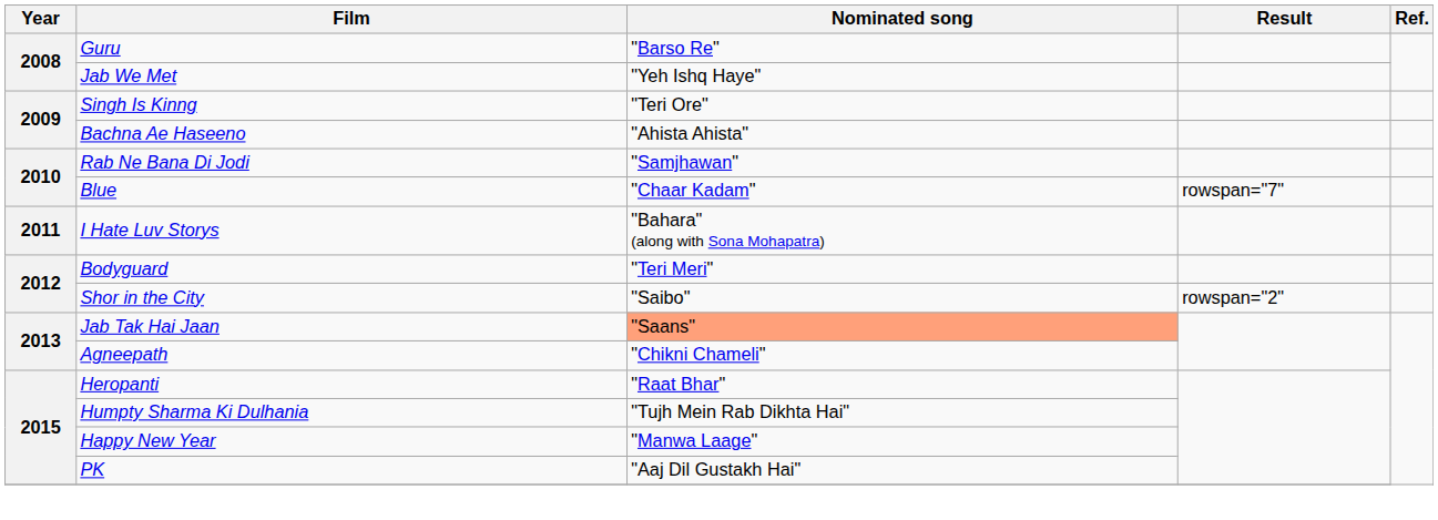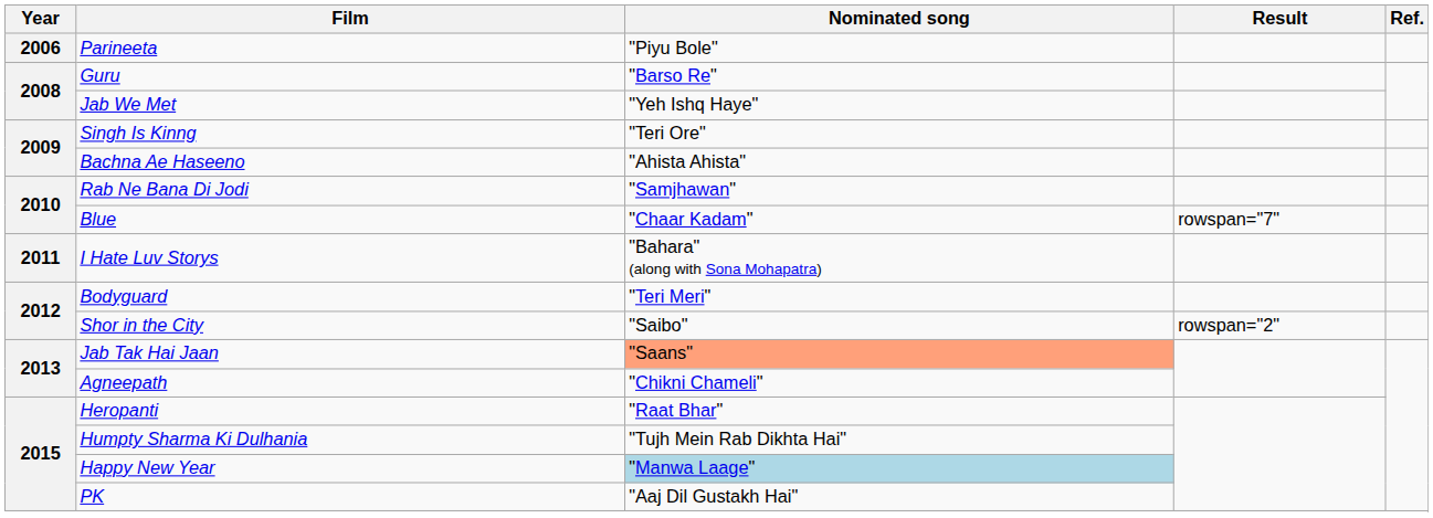 <table class="wikitable plainrowheaders" width="100%" textcolor:#000;">
 <tr>
 <th scope="col" width=5%><strong>Year</strong></th>
 <th scope="col" width=39%><strong>Film</strong></th>
 <th scope="col" width=39%><strong>Nominated song</strong></th>
 <th scope="col" width=15%><strong>Result</strong></th>
 <th scope="col" width=2%><strong>Ref.</strong></th>
+</tr>
+<tr>
+<th scope="row">2006</th>
+<td><em><a href='#'>Parineeta</a></em></td>
+<td>"Piyu Bole"</td>
+<td></td>
+<td></td>
 </tr>
 <tr>
 <th scope="row" rowspan="2">2008</th>
 <td><em><a href='#'>Guru</a></em></td>
 <td>"<a href='#'>Barso Re</a>"</td>
 <td></td>
 <td rowspan="2"></td>
 </tr>
 <tr>
 <td><em><a href='#'>Jab We Met</a></em></td>
 <td>"Yeh Ishq Haye"</td>
 <td></td>
 </tr>
 <tr>
 <th scope="row" rowspan="2">2009</th>
 <td><em><a href='#'>Singh Is Kinng</a></em></td>
 <td>"Teri Ore"</td>
 <td></td>
 <td></td>
 </tr>
 <tr>
 <td><em><a href='#'>Bachna Ae Haseeno</a></em></td>
 <td>"Ahista Ahista"</td>
 <td></td>
 <td></td>
 </tr>
 <tr>
 <th scope="row" rowspan="2">2010</th>
 <td><em><a href='#'>Rab Ne Bana Di Jodi</a></em></td>
 <td>"<a href='#'>Samjhawan</a>"</td>
 <td></td>
 <td></td>
 </tr>
 <tr>
 <td><em><a href='#'>Blue</a></em></td>
 <td>"<a href='#'>Chaar Kadam</a>"</td>
 <td>rowspan="7" </td>
 <td></td>
 </tr>
 <tr>
 <th scope="row">2011</th>
 <td><em><a href='#'>I Hate Luv Storys</a></em></td>
 <td>"Bahara"<br><small>(along with <a href='#'>Sona Mohapatra</a>)</small></td>
 <td></td>
 </tr>
 <tr>
 <th scope="row" rowspan="2">2012</th>
 <td><em><a href='#'>Bodyguard</a></em></td>
 <td>"<a href='#'>Teri Meri</a>"</td>
 <td></td>
 <td></td>
 </tr>
 <tr>
 <td><em><a href='#'>Shor in the City</a></em></td>
 <td>"Saibo"</td>
 <td>rowspan="2" </td>
 <td></td>
 </tr>
 <tr>
 <th scope="row" rowspan="2">2013</th>
 <td><em><a href='#'>Jab Tak Hai Jaan</a></em></td>
 <td style="background: lightsalmon;">"Saans"</td>
 <td rowspan="2"></td>
 </tr>
 <tr>
 <td><em><a href='#'>Agneepath</a></em></td>
 <td>"<a href='#'>Chikni Chameli</a>"</td>
 </tr>
 <tr>
 <th scope="row" rowspan="4">2015</th>
 <td><em><a href='#'>Heropanti</a></em></td>
 <td>"<a href='#'>Raat Bhar</a>"</td>
 <td rowspan="4"></td>
 </tr>
 <tr>
 <td><em><a href='#'>Humpty Sharma Ki Dulhania</a></em></td>
 <td>"Tujh Mein Rab Dikhta Hai"</td>
 </tr>
 <tr>
 <td><em><a href='#'>Happy New Year</a></em></td>
-<td>"<a href='#'>Manwa Laage</a>"</td>
+<td style="background: lightblue;">"<a href='#'>Manwa Laage</a>"</td>
 </tr>
 <tr>
 <td><em><a href='#'>PK</a></em></td>
 <td>"Aaj Dil Gustakh Hai"</td>
 </tr>
 <tr>
 </tr>
 </table>
